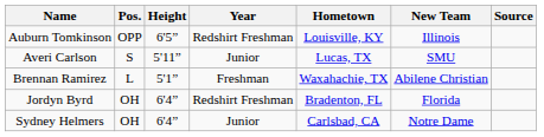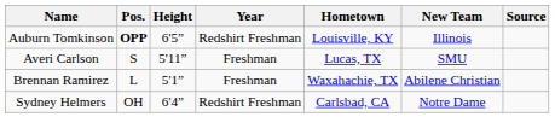 <table class="wikitable sortable" border="1">
 <tr>
 <th style="text-align:center; ">Name</th>
 <th style="text-align:center; ">Pos.</th>
 <th style="text-align:center; ">Height</th>
 <th style="text-align:center; ">Year</th>
 <th style="text-align:center; ">Hometown</th>
 <th style="text-align:center; ">New Team</th>
 <th style="text-align:center; ">Source</th>
 </tr>
 <tr align="center">
 <td>Auburn Tomkinson</td>
-<td>OPP</td>
+<td><strong>OPP</strong></td>
 <td>6'5”</td>
 <td>Redshirt Freshman</td>
 <td><a href='#'>Louisville, KY</a></td>
 <td><a href='#'>Illinois</a></td>
 <td></td>
 </tr>
 <tr align="center">
 <td>Averi Carlson</td>
 <td>S</td>
 <td>5'11”</td>
-<td>Junior</td>
+<td>Freshman</td>
 <td><a href='#'>Lucas, TX</a></td>
 <td><a href='#'>SMU</a></td>
 <td></td>
 </tr>
 <tr align="center">
 <td>Brennan Ramirez</td>
 <td>L</td>
 <td>5'1”</td>
 <td>Freshman</td>
 <td><a href='#'>Waxahachie, TX</a></td>
 <td><a href='#'>Abilene Christian</a></td>
 <td></td>
 </tr>
 <tr align="center">
-<td>Jordyn Byrd</td>
+<td>Sydney Helmers</td>
 <td>OH</td>
 <td>6'4”</td>
 <td>Redshirt Freshman</td>
-<td><a href='#'>Bradenton, FL</a></td>
-<td><a href='#'>Florida</a></td>
-<td></td>
-</tr>
-<tr align="center">
-<td>Sydney Helmers</td>
-<td>OH</td>
-<td>6'4”</td>
-<td>Junior</td>
 <td><a href='#'>Carlsbad, CA</a></td>
 <td><a href='#'>Notre Dame</a></td>
 <td></td>
 </tr>
 </table>
